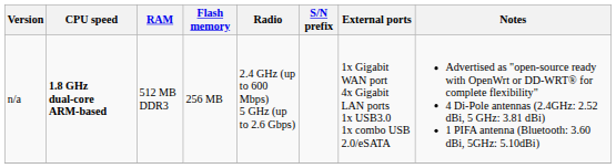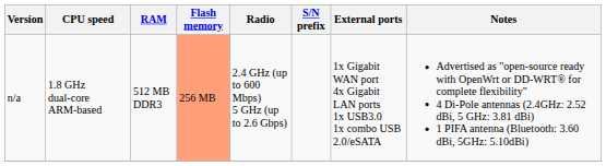 <table class="wikitable">
 <tr>
 <th>Version</th>
 <th>CPU speed</th>
 <th><a href='#'>RAM</a></th>
 <th><a href='#'>Flash memory</a></th>
 <th>Radio</th>
 <th><a href='#'>S/N</a> prefix</th>
 <th>External ports</th>
 <th>Notes</th>
 </tr>
 <tr>
 <td>n/a</td>
-<td><strong>1.8 GHz dual‑core ARM‑based</strong></td>
+<td>1.8 GHz dual‑core ARM‑based</td>
 <td>512 MB DDR3</td>
-<td>256 MB</td>
+<td style="background: lightsalmon;">256 MB</td>
 <td>2.4 GHz (up to 600 Mbps)<br>5 GHz (up to 2.6 Gbps)</td>
 <td></td>
 <td><br>1x Gigabit WAN port<br> 4x Gigabit LAN ports<br> 1x USB3.0<br> 1x combo USB 2.0/eSATA<br></td>
 <td><br><ul><li>Advertised as "open‑source ready with OpenWrt or DD‑WRT® for complete flexibility"</li><li>4 Di-Pole antennas (2.4GHz: 2.52 dBi, 5 GHz: 3.81 dBi)</li><li>1 PIFA antenna (Bluetooth: 3.60 dBi, 5GHz: 5.10dBi)</li></ul></td>
 </tr>
 <tr>
 </tr>
 </table>
